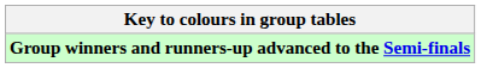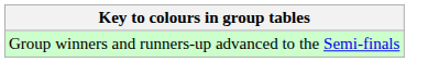 <table class="wikitable">
 <tr>
 <th>Key to colours in group tables</th>
 </tr>
 <tr bgcolor=#ccffcc>
-<td><strong>Group winners and runners-up advanced to the <a href='#'>Semi-finals</a></strong></td>
+<td>Group winners and runners-up advanced to the <a href='#'>Semi-finals</a></td>
 </tr>
 </table>
